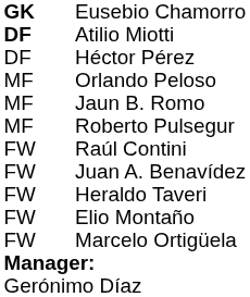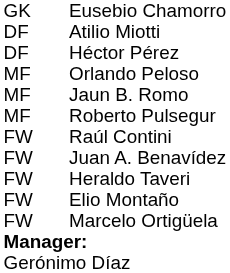 <table style="font-size:90%; margin:0.2em auto;" cellspacing="0" cellpadding="0">
 <tr>
 <th width="25"></th>
 <th width="25"></th>
 </tr>
 <tr>
-<td><strong>GK</strong></td>
+<td>GK</td>
 <td></td>
 <td> Eusebio Chamorro</td>
 </tr>
 <tr>
-<td><strong>DF</strong></td>
+<td>DF</td>
 <td></td>
 <td> Atilio Miotti</td>
 </tr>
 <tr>
 <td>DF</td>
 <td></td>
 <td> Héctor Pérez</td>
 </tr>
 <tr>
 <td>MF</td>
 <td></td>
 <td> Orlando Peloso</td>
 </tr>
 <tr>
 <td>MF</td>
 <td></td>
 <td> Jaun B. Romo</td>
 </tr>
 <tr>
 <td>MF</td>
 <td></td>
 <td> Roberto Pulsegur</td>
 </tr>
 <tr>
 <td>FW</td>
 <td></td>
 <td> Raúl Contini</td>
 </tr>
 <tr>
 <td>FW</td>
 <td></td>
 <td> Juan A. Benavídez</td>
 </tr>
 <tr>
 <td>FW</td>
 <td></td>
 <td> Heraldo Taveri</td>
 </tr>
 <tr>
 <td>FW</td>
 <td></td>
 <td> Elio Montaño</td>
 </tr>
 <tr>
 <td>FW</td>
 <td></td>
 <td> Marcelo Ortigüela</td>
 </tr>
 <tr>
 <td colspan=4><strong>Manager:</strong></td>
 </tr>
 <tr>
 <td colspan="4"> Gerónimo Díaz</td>
 </tr>
 </table>
